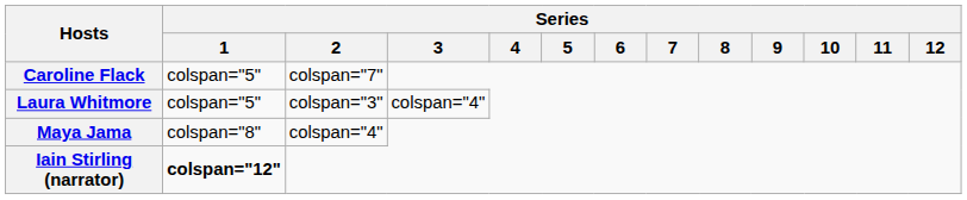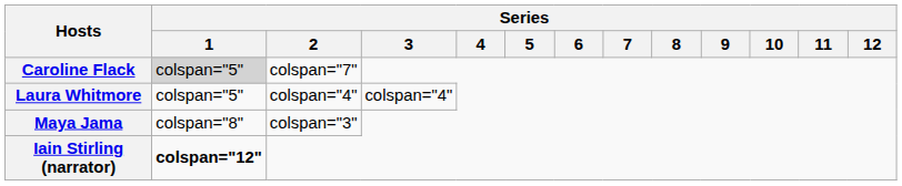 <table class="wikitable plainrowheaders">
 <tr>
 <th rowspan="2" style="width:135px">Hosts</th>
 <th colspan="12">Series</th>
 </tr>
 <tr>
 <th style="width:40px">1</th>
 <th style="width:40px">2</th>
 <th style="width:40px">3</th>
 <th style="width:40px">4</th>
 <th style="width:40px">5</th>
 <th style="width:40px">6</th>
 <th style="width:40px">7</th>
 <th style="width:40px">8</th>
 <th style="width:40px">9</th>
 <th style="width:40px">10</th>
 <th style="width:40px">11</th>
 <th style="width:40px">12</th>
 </tr>
 <tr>
 <th scope="row"><a href='#'>Caroline Flack</a></th>
-<td>colspan="5" </td>
+<td style="background: lightgrey;">colspan="5" </td>
 <td>colspan="7" </td>
 </tr>
 <tr>
 <th scope="row"><a href='#'>Laura Whitmore</a></th>
 <td>colspan="5" </td>
-<td>colspan="3" </td>
+<td>colspan="4" </td>
 <td>colspan="4" </td>
 </tr>
 <tr>
 <th scope="row"><a href='#'>Maya Jama</a></th>
 <td>colspan="8" </td>
-<td>colspan="4" </td>
+<td>colspan="3" </td>
 </tr>
 <tr>
 <th scope="row"><a href='#'>Iain Stirling</a> (narrator)</th>
 <td><strong>colspan="12" </strong></td>
 </tr>
 </table>
